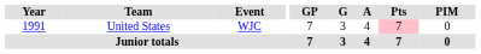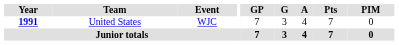 <table border="0" cellpadding="1" cellspacing="0" ID="Table3" style="text-align:center; width:40em">
 <tr bgcolor="#e0e0e0">
 <th>Year</th>
 <th>Team</th>
 <th>Event</th>
 <th rowspan="102" bgcolor="#ffffff"></th>
 <th>GP</th>
 <th>G</th>
 <th>A</th>
 <th>Pts</th>
 <th>PIM</th>
 </tr>
 <tr>
-<td><a href='#'>1991</a></td>
+<td><strong><a href='#'>1991</a></strong></td>
 <td><a href='#'>United States</a></td>
 <td><a href='#'>WJC</a></td>
 <td>7</td>
 <td>3</td>
 <td>4</td>
-<td style="background: pink;">7</td>
+<td>7</td>
 <td>0</td>
 </tr>
 <tr bgcolor="#e0e0e0">
 <th colspan="4">Junior totals</th>
 <th>7</th>
 <th>3</th>
 <th>4</th>
 <th>7</th>
 <th>0</th>
 </tr>
 </table>
